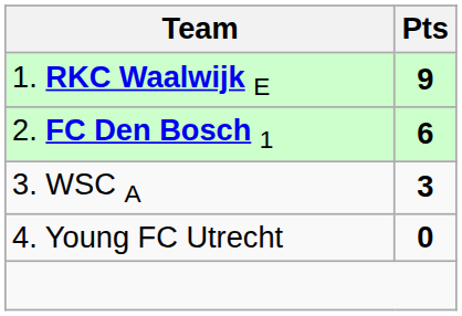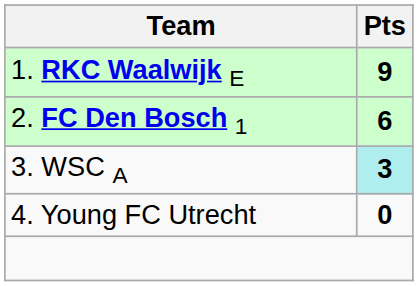 <table class="wikitable" style="text-align:center; float:left; margin-right:1em">
 <tr>
 <th style="width:200px">Team</th>
 <th width=20>Pts</th>
 </tr>
 <tr bgcolor=ccffcc>
 <td align=left>1. <strong><a href='#'>RKC Waalwijk</a></strong> <sub>E</sub></td>
 <td><strong>9</strong></td>
 </tr>
 <tr bgcolor=ccffcc>
 <td align=left>2. <strong><a href='#'>FC Den Bosch</a></strong> <sub>1</sub></td>
 <td><strong>6</strong></td>
 </tr>
 <tr>
 <td align=left>3. WSC <sub>A</sub></td>
-<td><strong>3</strong></td>
+<td style="background: paleturquoise;"><strong>3</strong></td>
 </tr>
 <tr>
 <td align=left>4. Young FC Utrecht</td>
 <td><strong>0</strong></td>
 </tr>
 <tr>
 <td colspan=2> </td>
 </tr>
 </table>
